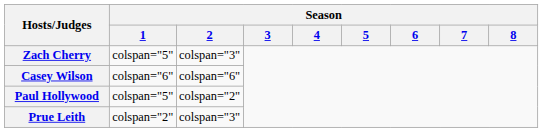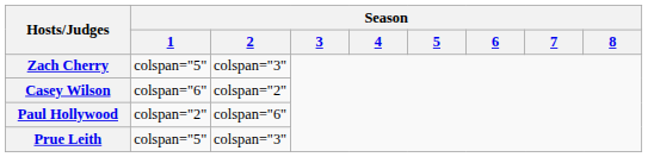 <table class="wikitable plainrowheaders" style="font-size:90%;">
 <tr>
 <th scope="col" style="width:8em;" rowspan="2">Hosts/Judges</th>
 <th scope="colgroup" colspan="8">Season</th>
 </tr>
 <tr>
 <th scope="col" style="width:3.5em;"><a href='#'>1</a></th>
 <th scope="col" style="width:3.5em;"><a href='#'>2</a></th>
 <th scope="col" style="width:3.5em;"><a href='#'>3</a></th>
 <th scope="col" style="width:3.5em;"><a href='#'>4</a></th>
 <th scope="col" style="width:3.5em;"><a href='#'>5</a></th>
 <th scope="col" style="width:3.5em;"><a href='#'>6</a></th>
 <th scope="col" style="width:3.5em;"><a href='#'>7</a></th>
 <th scope="col" style="width:3.5em;"><a href='#'>8</a></th>
 </tr>
 <tr>
 <th scope="row"><a href='#'>Zach Cherry</a></th>
 <td>colspan="5" </td>
 <td>colspan="3" </td>
 </tr>
 <tr>
 <th scope="row"><a href='#'>Casey Wilson</a></th>
 <td>colspan="6" </td>
+<td>colspan="2" </td>
+</tr>
+<tr>
+<th scope="row"><a href='#'>Paul Hollywood</a></th>
+<td>colspan="2" </td>
 <td>colspan="6" </td>
 </tr>
 <tr>
-<th scope="row"><a href='#'>Paul Hollywood</a></th>
+<th scope="row"><a href='#'>Prue Leith</a></th>
 <td>colspan="5" </td>
-<td>colspan="2" </td>
-</tr>
-<tr>
-<th scope="row"><a href='#'>Prue Leith</a></th>
-<td>colspan="2" </td>
 <td>colspan="3" </td>
 </tr>
 </table>
